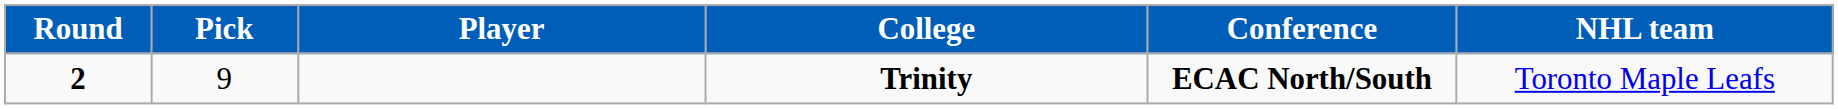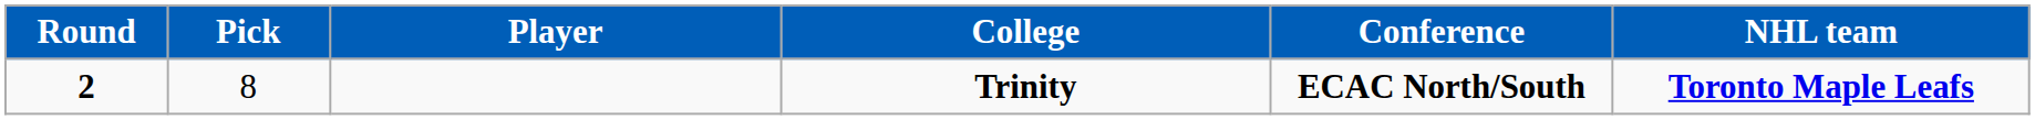 <table class="wikitable sortable" width="75%">
 <tr>
 <th style="color:white; background-color:#005EB8; width: 4em;">Round</th>
 <th style="color:white; background-color:#005EB8; width: 4em;">Pick</th>
 <th style="color:white; background-color:#005EB8; width: 12em;">Player</th>
 <th style="color:white; background-color:#005EB8; width: 13em;">College</th>
 <th style="color:white; background-color:#005EB8; width: 9em;">Conference</th>
 <th style="color:white; background-color:#005EB8; width: 11em;">NHL team</th>
 </tr>
 <tr align="center" bgcolor="">
 <td><strong>2</strong></td>
-<td>9</td>
+<td>8</td>
 <td></td>
 <td><strong>Trinity</strong></td>
 <td><strong>ECAC North/South</strong></td>
-<td><a href='#'>Toronto Maple Leafs</a></td>
+<td><strong><a href='#'>Toronto Maple Leafs</a></strong></td>
 </tr>
 </table>
